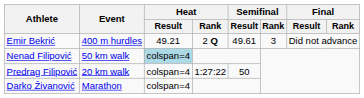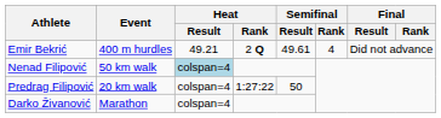 <table class="wikitable" style="font-size:90%">
 <tr>
 <th rowspan="2">Athlete</th>
 <th rowspan="2">Event</th>
 <th colspan="2">Heat</th>
 <th colspan="2">Semifinal</th>
 <th colspan="2">Final</th>
 </tr>
 <tr style="font-size:95%">
 <th>Result</th>
 <th>Rank</th>
 <th>Result</th>
 <th>Rank</th>
 <th>Result</th>
 <th>Rank</th>
 </tr>
 <tr align=center>
 <td align=left><a href='#'>Emir Bekrić</a></td>
 <td align=left><a href='#'>400 m hurdles</a></td>
 <td>49.21</td>
 <td>2 <strong>Q</strong></td>
 <td>49.61</td>
-<td>3</td>
+<td>4</td>
 <td colspan=2>Did not advance</td>
 </tr>
 <tr align=center>
 <td align=left><a href='#'>Nenad Filipović</a></td>
 <td align=left><a href='#'>50 km walk</a></td>
 <td style="background: lightblue;">colspan=4 </td>
 <td colspan=2></td>
 </tr>
 <tr align=center>
 <td align=left><a href='#'>Predrag Filipović</a></td>
 <td align=left><a href='#'>20 km walk</a></td>
 <td>colspan=4 </td>
 <td>1:27:22</td>
 <td>50</td>
 </tr>
 <tr align=center>
 <td align=left><a href='#'>Darko Živanović</a></td>
 <td align=left><a href='#'>Marathon</a></td>
 <td>colspan=4 </td>
 <td colspan=2></td>
 </tr>
 </table>
